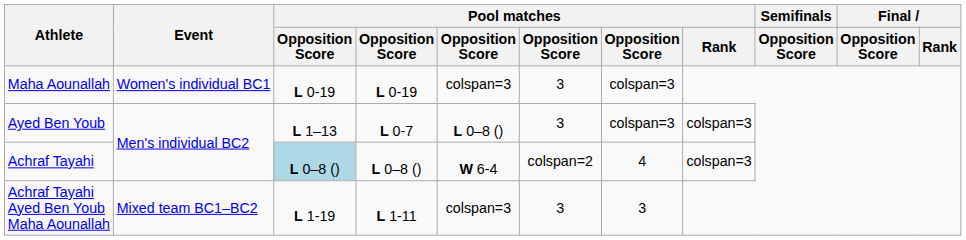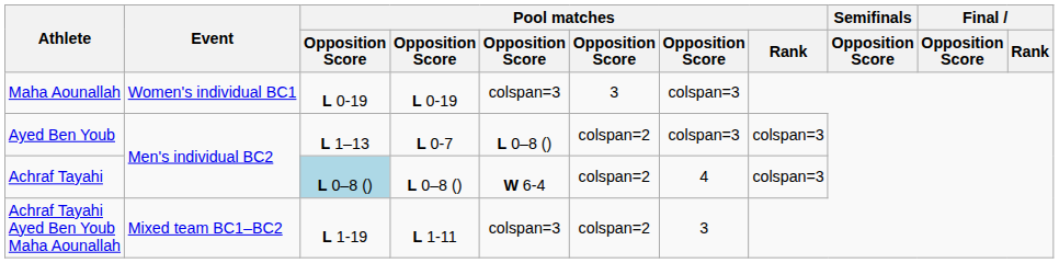 <table class=wikitable style="font-size:90%">
 <tr>
 <th rowspan="2">Athlete</th>
 <th rowspan="2">Event</th>
 <th colspan="6">Pool matches</th>
 <th>Semifinals</th>
 <th colspan=2>Final / </th>
 </tr>
 <tr>
 <th>Opposition<br>Score</th>
 <th>Opposition<br>Score</th>
 <th>Opposition<br>Score</th>
 <th>Opposition<br>Score</th>
 <th>Opposition<br>Score</th>
 <th>Rank</th>
 <th>Opposition<br>Score</th>
 <th>Opposition<br>Score</th>
 <th>Rank</th>
 </tr>
 <tr align=center>
 <td align=left><a href='#'>Maha Aounallah</a></td>
 <td align=left><a href='#'>Women's individual BC1</a></td>
 <td><br><strong>L</strong> 0-19</td>
 <td><br><strong>L</strong> 0-19</td>
 <td>colspan=3 </td>
 <td>3</td>
 <td>colspan=3 </td>
 </tr>
 <tr align=center>
 <td align=left><a href='#'>Ayed Ben Youb</a></td>
 <td align=left rowspan=2><a href='#'>Men's individual BC2</a></td>
 <td><br><strong>L</strong> 1–13</td>
 <td><br><strong>L</strong> 0-7</td>
 <td><br><strong>L</strong> 0–8 ()</td>
-<td>3</td>
+<td>colspan=2 </td>
 <td>colspan=3 </td>
 <td>colspan=3 </td>
 </tr>
 <tr align=center>
 <td align=left><a href='#'>Achraf Tayahi</a></td>
 <td style="background: lightblue;"><br><strong>L</strong> 0–8 ()</td>
 <td><br><strong>L</strong> 0–8 ()</td>
 <td><br><strong>W</strong> 6-4</td>
 <td>colspan=2 </td>
 <td>4</td>
 <td>colspan=3 </td>
 </tr>
 <tr align=center>
 <td align=left><a href='#'>Achraf Tayahi</a><br><a href='#'>Ayed Ben Youb</a><br><a href='#'>Maha Aounallah</a></td>
 <td align=left><a href='#'>Mixed team BC1–BC2</a></td>
 <td><br><strong>L</strong> 1-19</td>
 <td><br><strong>L</strong> 1-11</td>
 <td>colspan=3 </td>
-<td>3</td>
+<td>colspan=2 </td>
 <td>3</td>
 </tr>
 </table>
